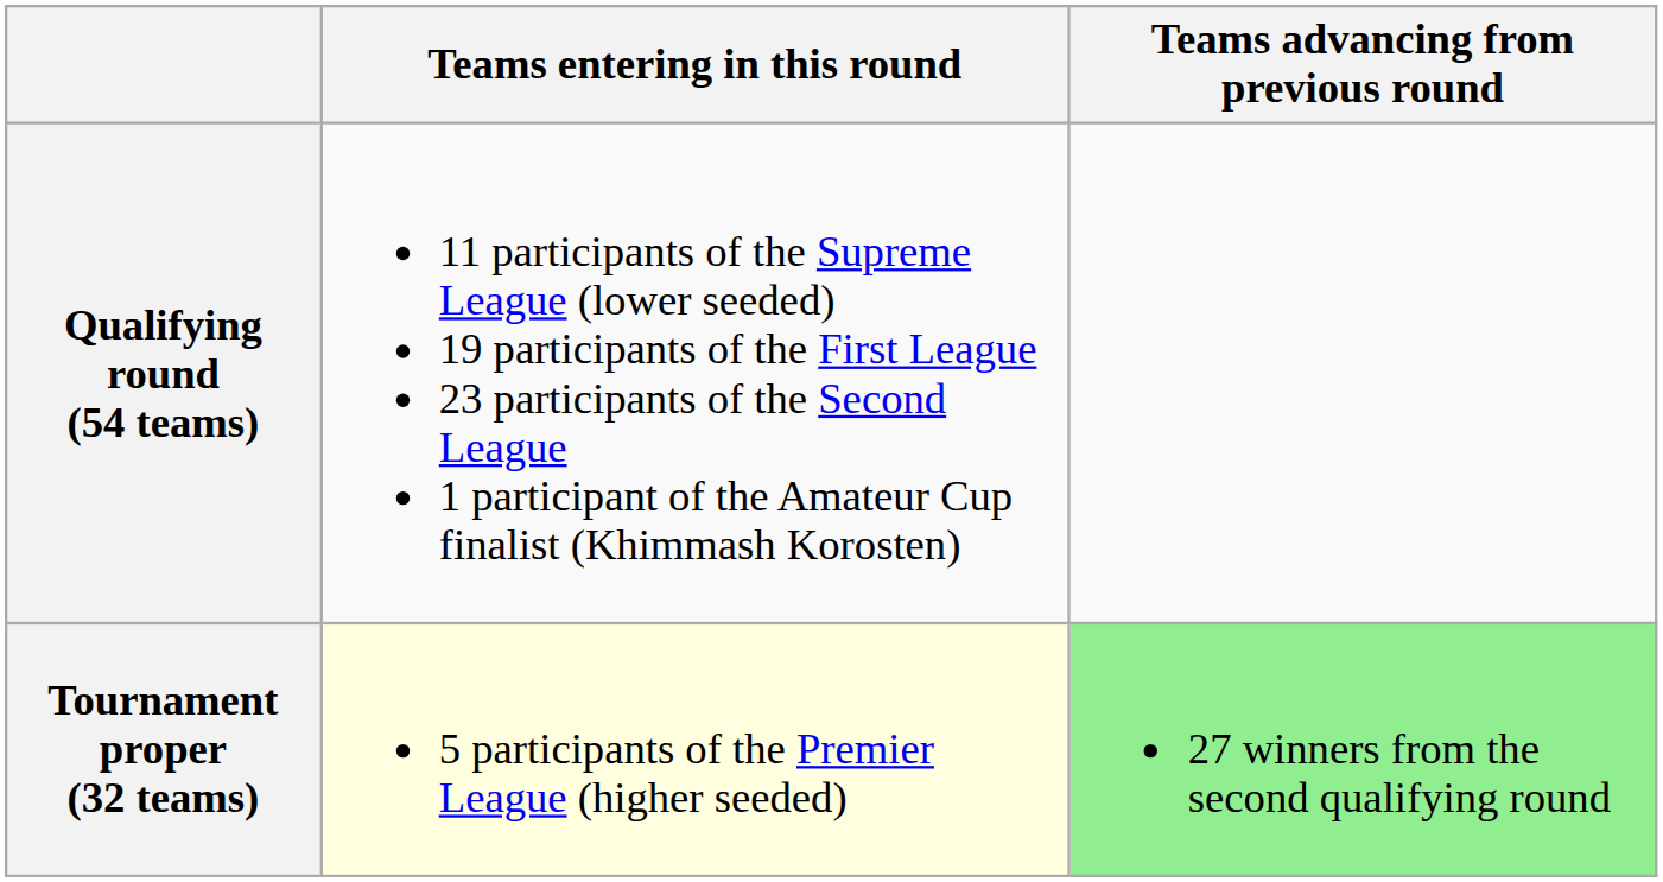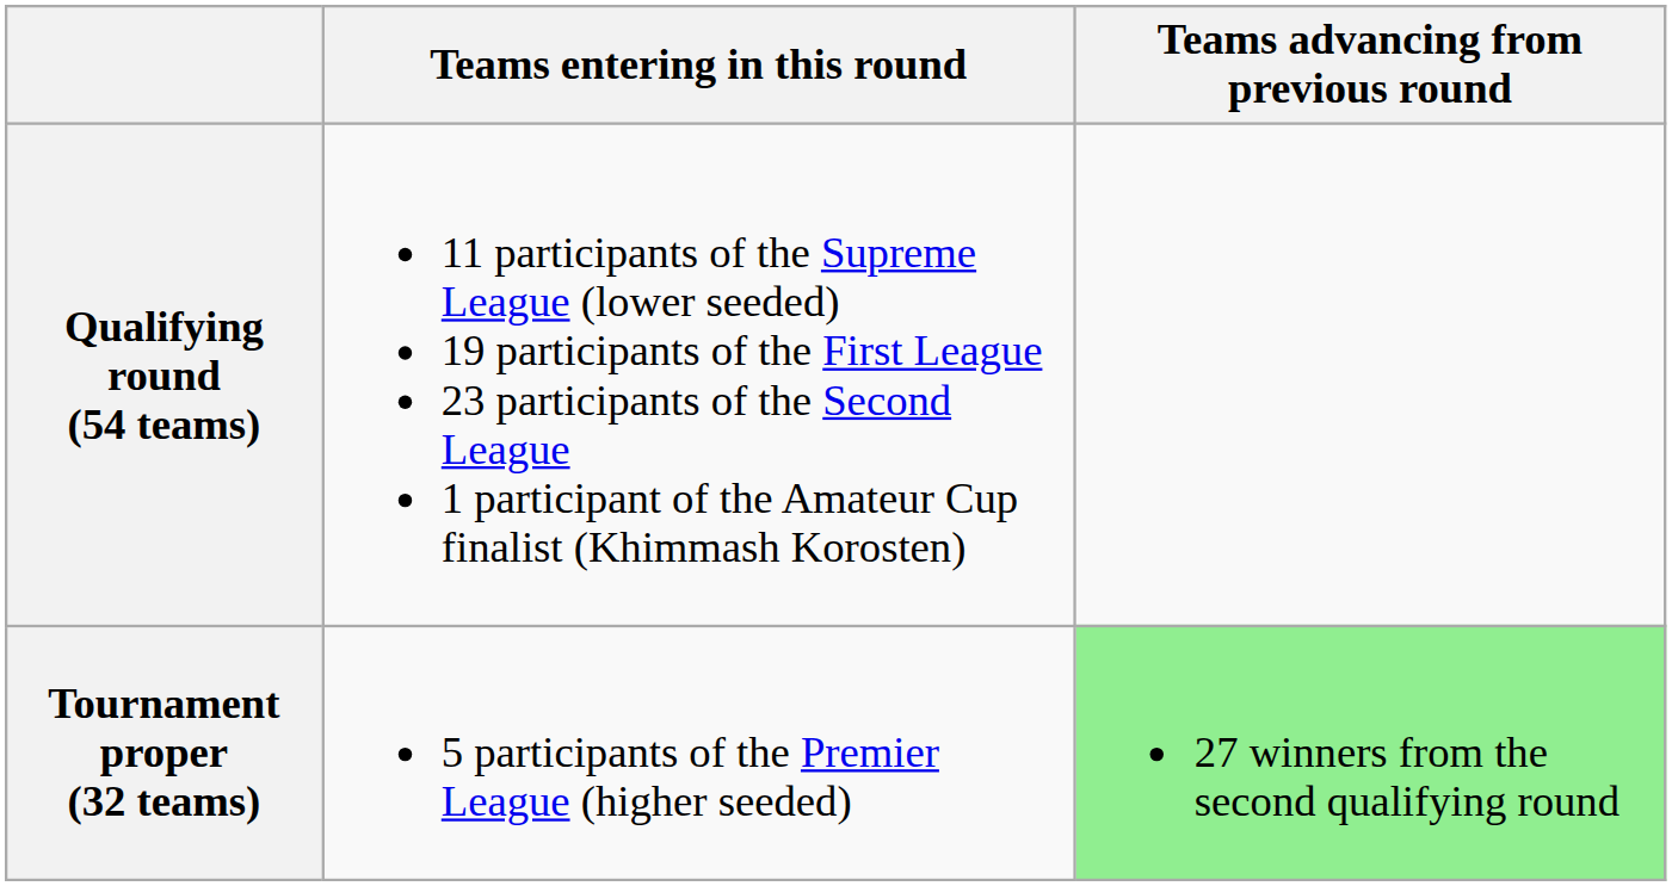 <table class="wikitable">
 <tr>
 <th colspan=2></th>
 <th>Teams entering in this round</th>
 <th>Teams advancing from previous round</th>
 </tr>
 <tr>
 <th colspan=2>Qualifying round<br> (54 teams)</th>
 <td><br><ul><li>11 participants of the <a href='#'>Supreme League</a> (lower seeded)</li><li>19 participants of the <a href='#'>First League</a></li><li>23 participants of the <a href='#'>Second League</a></li><li>1 participant of the Amateur Cup finalist (Khimmash Korosten)</li></ul></td>
 <td></td>
 </tr>
 <tr>
 <th colspan=2>Tournament proper<br> (32 teams)</th>
-<td style="background: lightyellow;"><br><ul><li>5 participants of the <a href='#'>Premier League</a> (higher seeded)</li></ul></td>
+<td><br><ul><li>5 participants of the <a href='#'>Premier League</a> (higher seeded)</li></ul></td>
 <td style="background: lightgreen;"><br><ul><li>27 winners from the second qualifying round</li></ul></td>
 </tr>
 </table>
